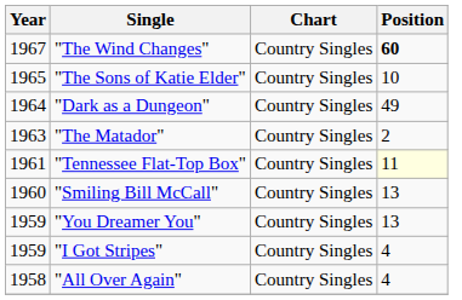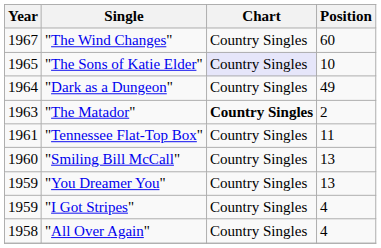 <table class="wikitable">
 <tr>
 <th align="left">Year</th>
 <th align="left">Single</th>
 <th align="left">Chart</th>
 <th align="left">Position</th>
 </tr>
 <tr>
 <td align="left">1967</td>
 <td align="left">"<a href='#'>The Wind Changes</a>"</td>
 <td align="left">Country Singles</td>
-<td align="left"><strong>60</strong></td>
+<td align="left">60</td>
 </tr>
 <tr>
 <td align="left">1965</td>
 <td align="left">"<a href='#'>The Sons of Katie Elder</a>"</td>
-<td align="left">Country Singles</td>
+<td align="left" style="background: lavender;">Country Singles</td>
 <td align="left">10</td>
 </tr>
 <tr>
 <td align="left">1964</td>
 <td align="left">"<a href='#'>Dark as a Dungeon</a>"</td>
 <td align="left">Country Singles</td>
 <td align="left">49</td>
 </tr>
 <tr>
 <td align="left">1963</td>
 <td align="left">"<a href='#'>The Matador</a>"</td>
-<td align="left">Country Singles</td>
+<td align="left"><strong>Country Singles</strong></td>
 <td align="left">2</td>
 </tr>
 <tr>
 <td align="left">1961</td>
 <td align="left">"<a href='#'>Tennessee Flat-Top Box</a>"</td>
 <td align="left">Country Singles</td>
-<td align="left" style="background: lightyellow;">11</td>
+<td align="left">11</td>
 </tr>
 <tr>
 <td align="left">1960</td>
 <td align="left">"<a href='#'>Smiling Bill McCall</a>"</td>
 <td align="left">Country Singles</td>
 <td align="left">13</td>
 </tr>
 <tr>
 <td align="left">1959</td>
 <td align="left">"<a href='#'>You Dreamer You</a>"</td>
 <td align="left">Country Singles</td>
 <td align="left">13</td>
 </tr>
 <tr>
 <td align="left">1959</td>
 <td align="left">"<a href='#'>I Got Stripes</a>"</td>
 <td align="left">Country Singles</td>
 <td align="left">4</td>
 </tr>
 <tr>
 <td align="left">1958</td>
 <td align="left">"<a href='#'>All Over Again</a>"</td>
 <td align="left">Country Singles</td>
 <td align="left">4</td>
 </tr>
 <tr>
 </tr>
 </table>
